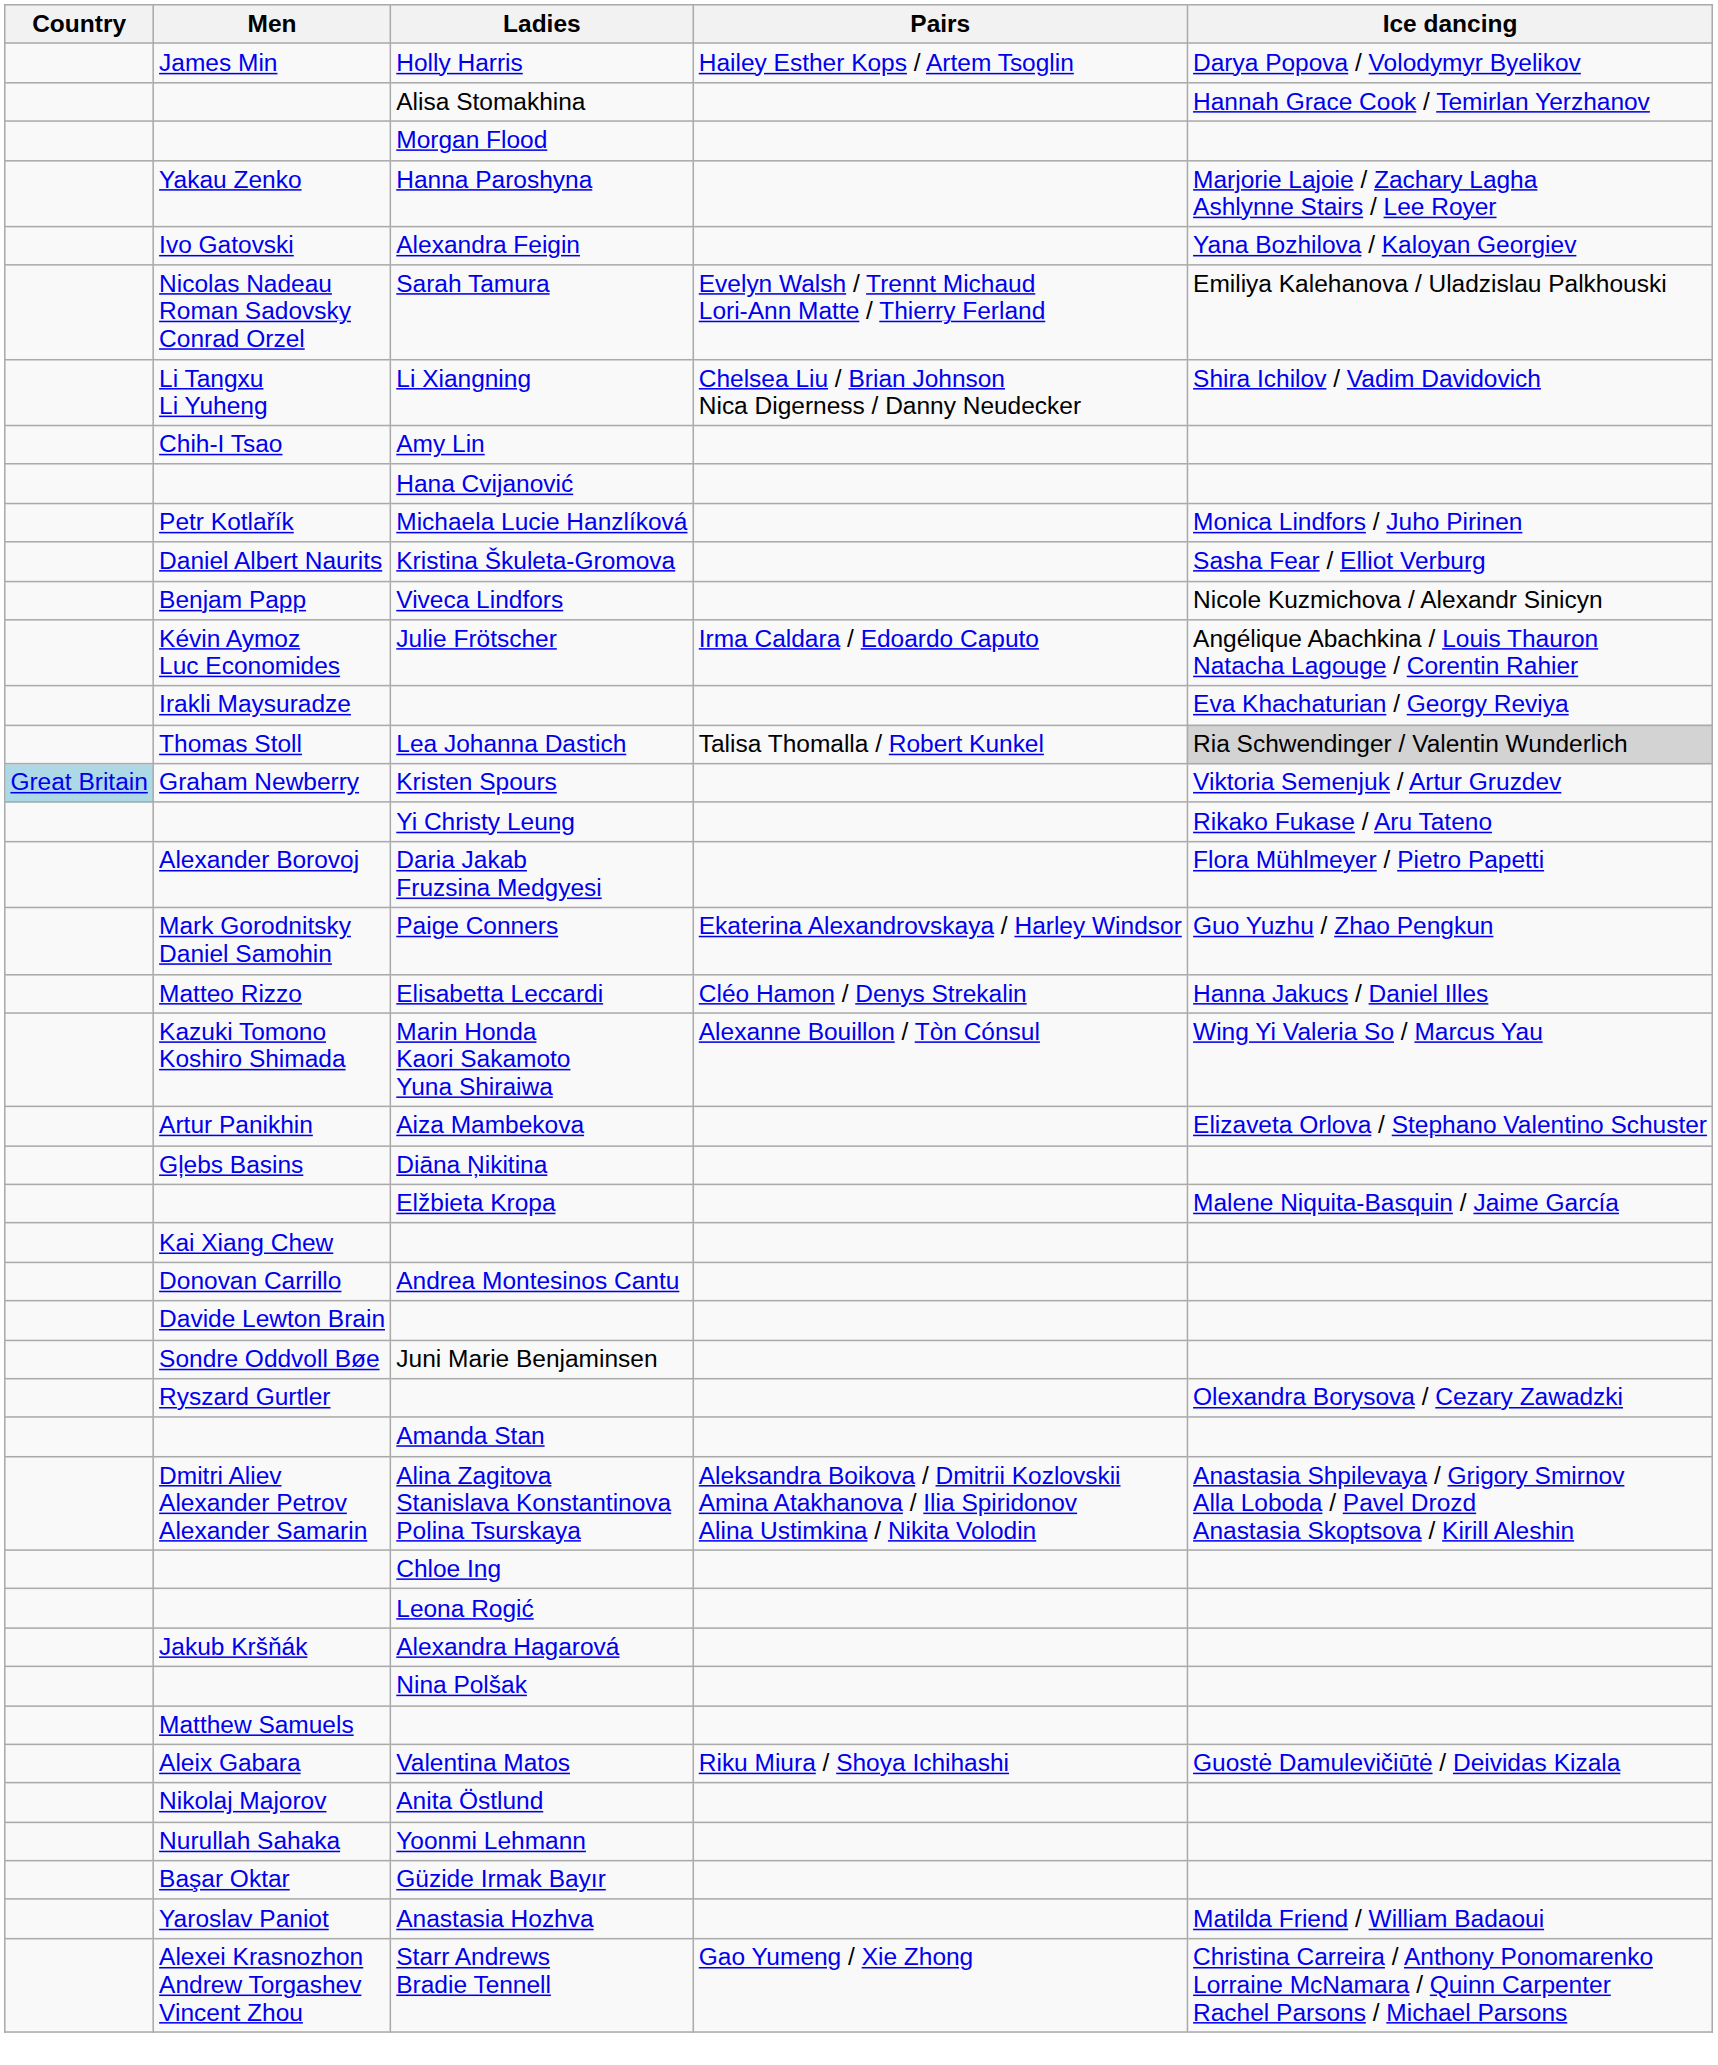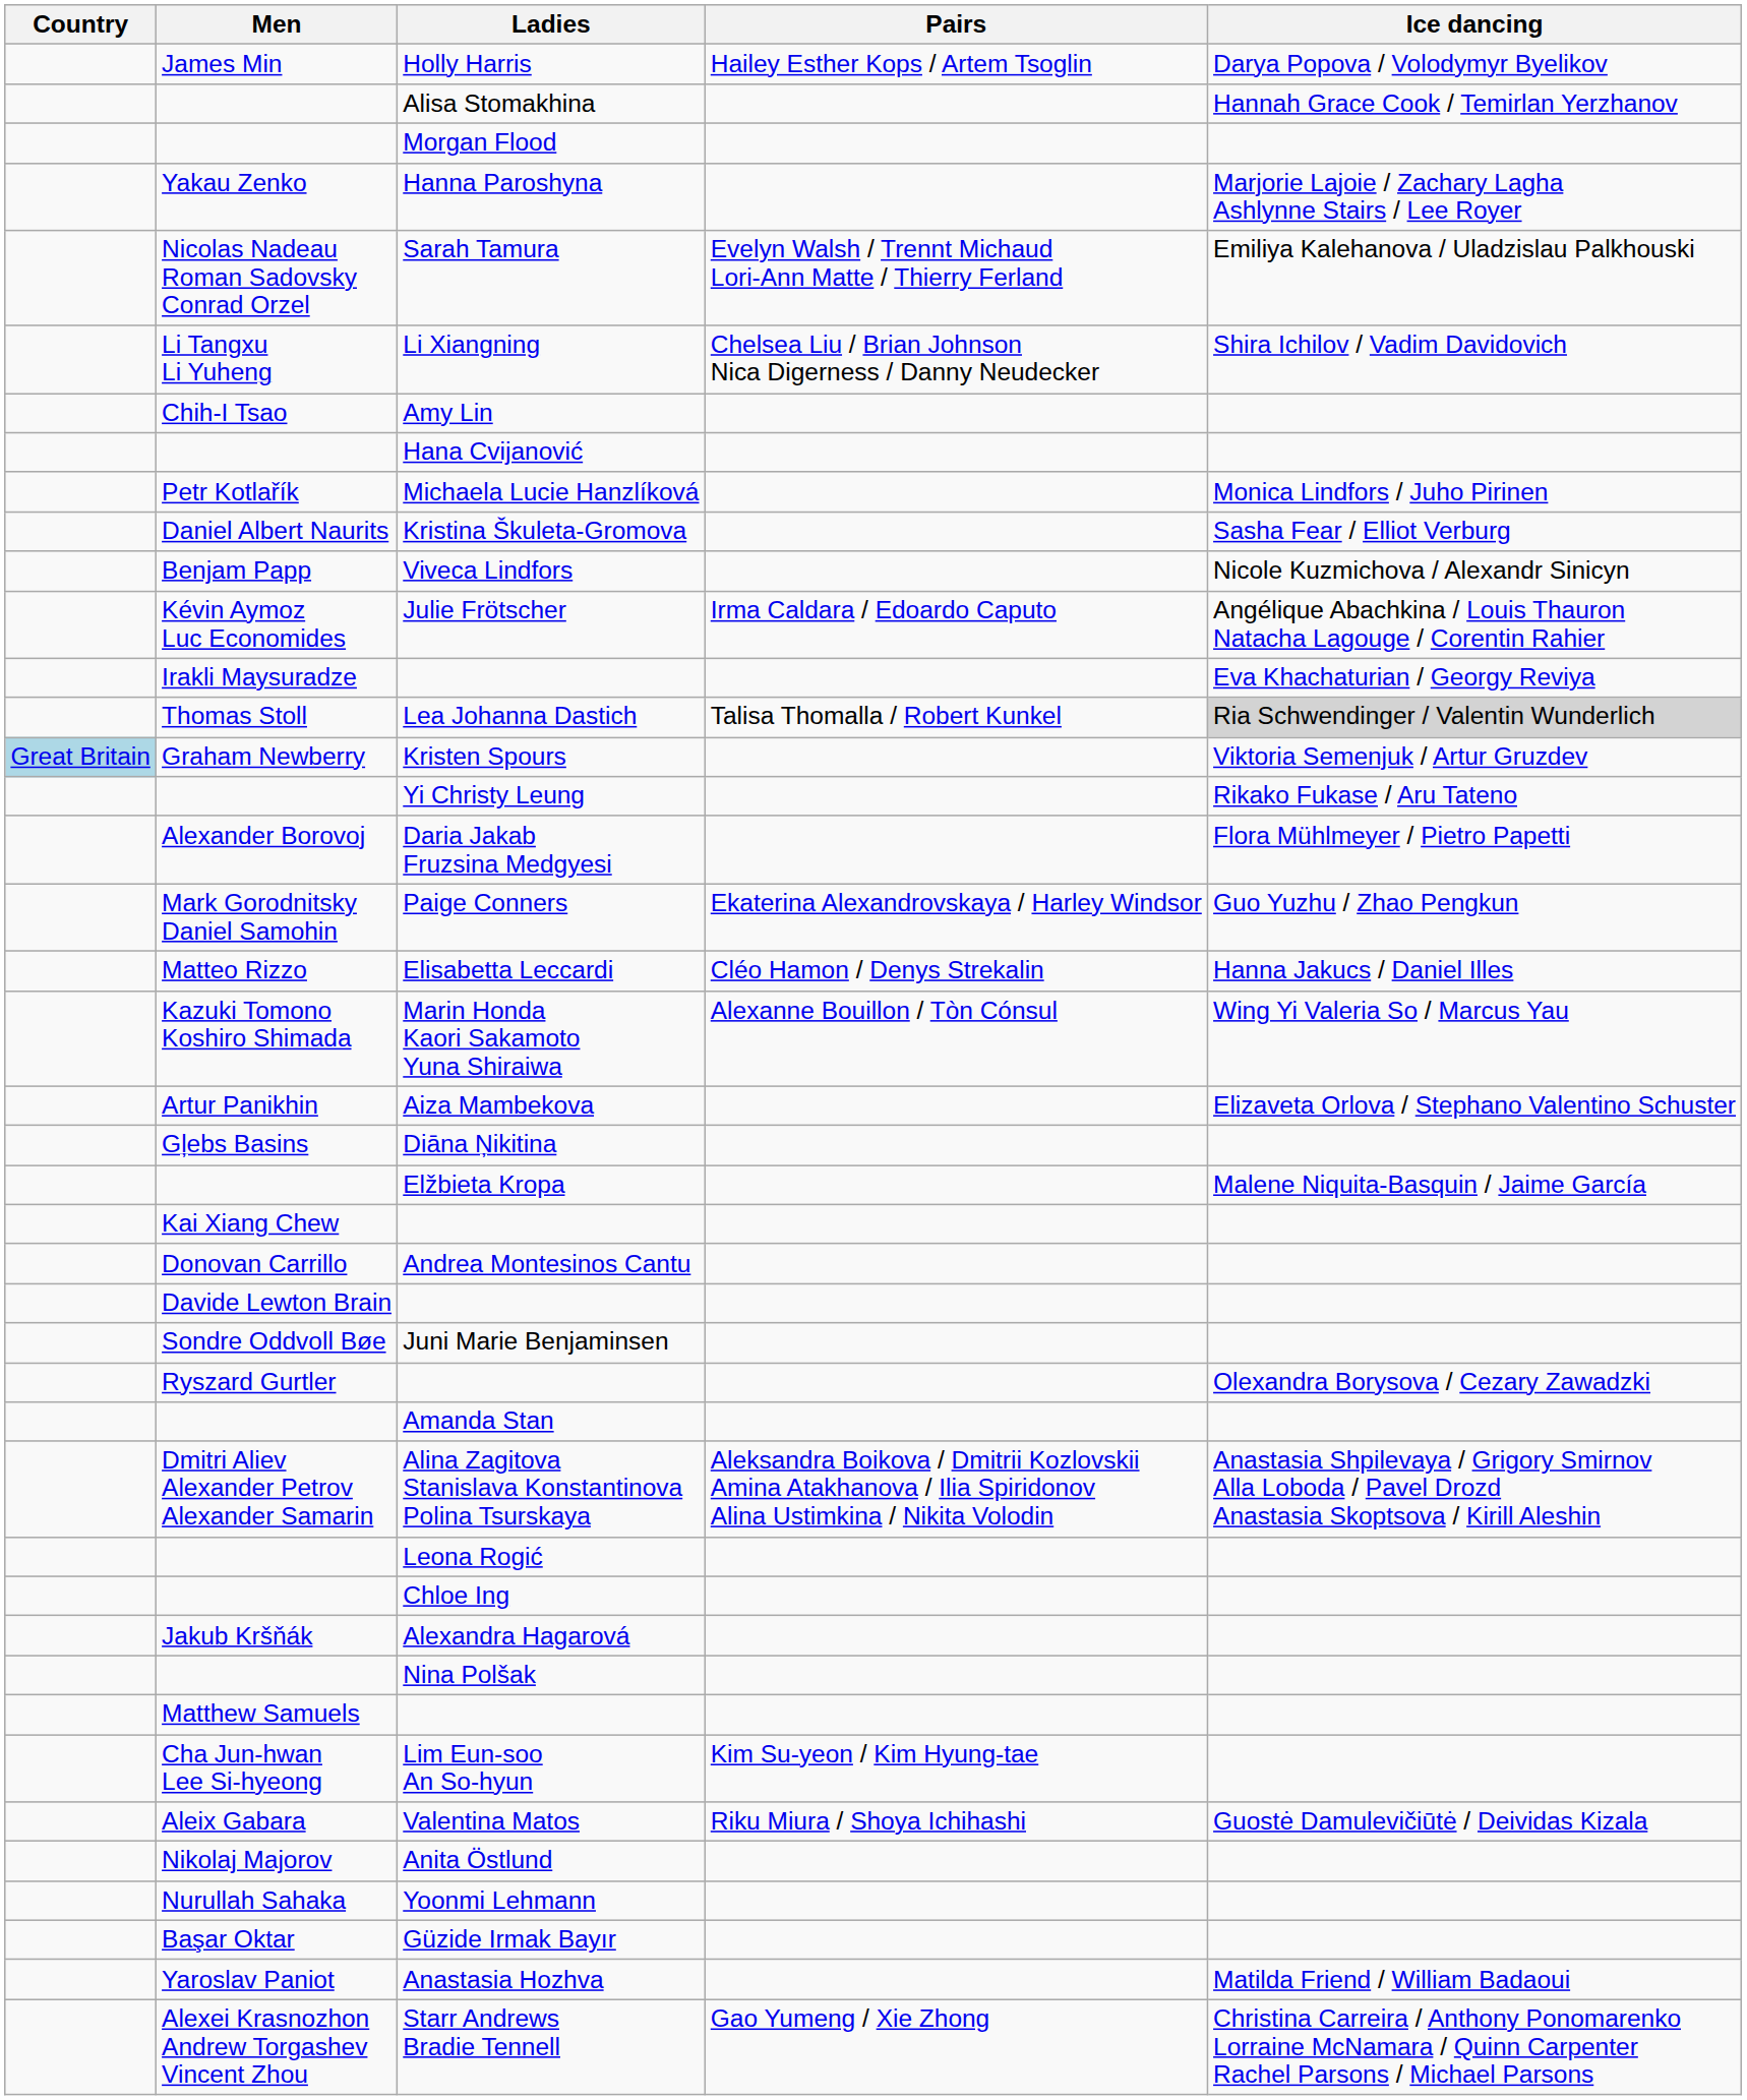 <table class="wikitable">
 <tr>
 <th>Country</th>
 <th>Men</th>
 <th>Ladies</th>
 <th>Pairs</th>
 <th>Ice dancing</th>
 </tr>
 <tr valign="top">
 <td></td>
 <td><a href='#'>James Min</a></td>
 <td><a href='#'>Holly Harris</a></td>
 <td><a href='#'>Hailey Esther Kops</a> / <a href='#'>Artem Tsoglin</a></td>
 <td><a href='#'>Darya Popova</a> / <a href='#'>Volodymyr Byelikov</a></td>
 </tr>
 <tr valign="top">
 <td></td>
 <td></td>
 <td>Alisa Stomakhina</td>
 <td></td>
 <td><a href='#'>Hannah Grace Cook</a> / <a href='#'>Temirlan Yerzhanov</a></td>
 </tr>
 <tr valign="top">
 <td></td>
 <td></td>
 <td><a href='#'>Morgan Flood</a></td>
 <td></td>
 <td></td>
 </tr>
 <tr valign="top">
 <td></td>
 <td><a href='#'>Yakau Zenko</a></td>
 <td><a href='#'>Hanna Paroshyna</a></td>
 <td></td>
 <td><a href='#'>Marjorie Lajoie</a> / <a href='#'>Zachary Lagha</a>  <br> <a href='#'>Ashlynne Stairs</a> / <a href='#'>Lee Royer</a></td>
-</tr>
-<tr valign="top">
-<td></td>
-<td><a href='#'>Ivo Gatovski</a></td>
-<td><a href='#'>Alexandra Feigin</a></td>
-<td></td>
-<td><a href='#'>Yana Bozhilova</a> / <a href='#'>Kaloyan Georgiev</a></td>
 </tr>
 <tr valign="top">
 <td></td>
 <td><a href='#'>Nicolas Nadeau</a> <br> <a href='#'>Roman Sadovsky</a>  <br> <a href='#'>Conrad Orzel</a></td>
 <td><a href='#'>Sarah Tamura</a></td>
 <td><a href='#'>Evelyn Walsh</a> / <a href='#'>Trennt Michaud</a>  <br> <a href='#'>Lori-Ann Matte</a> / <a href='#'>Thierry Ferland</a></td>
 <td>Emiliya Kalehanova / Uladzislau Palkhouski</td>
 </tr>
 <tr valign="top">
 <td></td>
 <td><a href='#'>Li Tangxu</a> <br> <a href='#'>Li Yuheng</a></td>
 <td><a href='#'>Li Xiangning</a></td>
 <td><a href='#'>Chelsea Liu</a> / <a href='#'>Brian Johnson</a> <br> Nica Digerness / Danny Neudecker</td>
 <td><a href='#'>Shira Ichilov</a> / <a href='#'>Vadim Davidovich</a></td>
 </tr>
 <tr valign="top">
 <td></td>
 <td><a href='#'>Chih-I Tsao</a></td>
 <td><a href='#'>Amy Lin</a></td>
 <td></td>
 <td></td>
 </tr>
 <tr valign="top">
 <td></td>
 <td></td>
 <td><a href='#'>Hana Cvijanović</a></td>
 <td></td>
 <td></td>
 </tr>
 <tr valign="top">
 <td></td>
 <td><a href='#'>Petr Kotlařík</a></td>
 <td><a href='#'>Michaela Lucie Hanzlíková</a></td>
 <td></td>
 <td><a href='#'>Monica Lindfors</a> / <a href='#'>Juho Pirinen</a></td>
 </tr>
 <tr valign="top">
 <td></td>
 <td><a href='#'>Daniel Albert Naurits</a></td>
 <td><a href='#'>Kristina Škuleta-Gromova</a></td>
 <td></td>
 <td><a href='#'>Sasha Fear</a> / <a href='#'>Elliot Verburg</a></td>
 </tr>
 <tr valign="top">
 <td></td>
 <td><a href='#'>Benjam Papp</a></td>
 <td><a href='#'>Viveca Lindfors</a></td>
 <td></td>
 <td>Nicole Kuzmichova / Alexandr Sinicyn</td>
 </tr>
 <tr valign="top">
 <td></td>
 <td><a href='#'>Kévin Aymoz</a> <br> <a href='#'>Luc Economides</a></td>
 <td><a href='#'>Julie Frötscher</a></td>
 <td><a href='#'>Irma Caldara</a> / <a href='#'>Edoardo Caputo</a></td>
 <td>Angélique Abachkina / <a href='#'>Louis Thauron</a> <br> <a href='#'>Natacha Lagouge</a> / <a href='#'>Corentin Rahier</a></td>
 </tr>
 <tr valign="top">
 <td></td>
 <td><a href='#'>Irakli Maysuradze</a></td>
 <td></td>
 <td></td>
 <td><a href='#'>Eva Khachaturian</a> / <a href='#'>Georgy Reviya</a></td>
 </tr>
 <tr valign="top">
 <td></td>
 <td><a href='#'>Thomas Stoll</a></td>
 <td><a href='#'>Lea Johanna Dastich</a></td>
 <td>Talisa Thomalla / <a href='#'>Robert Kunkel</a></td>
 <td style="background: lightgrey;">Ria Schwendinger / Valentin Wunderlich</td>
 </tr>
 <tr valign="top">
 <td style="background: lightblue;"> <a href='#'>Great Britain</a></td>
 <td><a href='#'>Graham Newberry</a></td>
 <td><a href='#'>Kristen Spours</a></td>
 <td></td>
 <td><a href='#'>Viktoria Semenjuk</a> / <a href='#'>Artur Gruzdev</a></td>
 </tr>
 <tr valign="top">
 <td></td>
 <td></td>
 <td><a href='#'>Yi Christy Leung</a></td>
 <td></td>
 <td><a href='#'>Rikako Fukase</a> / <a href='#'>Aru Tateno</a></td>
 </tr>
 <tr valign="top">
 <td></td>
 <td><a href='#'>Alexander Borovoj</a></td>
 <td><a href='#'>Daria Jakab</a> <br> <a href='#'>Fruzsina Medgyesi</a></td>
 <td></td>
 <td><a href='#'>Flora Mühlmeyer</a> / <a href='#'>Pietro Papetti</a></td>
 </tr>
 <tr valign="top">
 <td></td>
 <td><a href='#'>Mark Gorodnitsky</a> <br><a href='#'>Daniel Samohin</a></td>
 <td><a href='#'>Paige Conners</a></td>
 <td><a href='#'>Ekaterina Alexandrovskaya</a> / <a href='#'>Harley Windsor</a></td>
 <td><a href='#'>Guo Yuzhu</a> / <a href='#'>Zhao Pengkun</a></td>
 </tr>
 <tr valign="top">
 <td></td>
 <td><a href='#'>Matteo Rizzo</a></td>
 <td><a href='#'>Elisabetta Leccardi</a></td>
 <td><a href='#'>Cléo Hamon</a> / <a href='#'>Denys Strekalin</a></td>
 <td><a href='#'>Hanna Jakucs</a> / <a href='#'>Daniel Illes</a></td>
 </tr>
 <tr valign="top">
 <td></td>
 <td><a href='#'>Kazuki Tomono</a> <br> <a href='#'>Koshiro Shimada</a></td>
 <td><a href='#'>Marin Honda</a> <br> <a href='#'>Kaori Sakamoto</a> <br> <a href='#'>Yuna Shiraiwa</a></td>
 <td><a href='#'>Alexanne Bouillon</a> / <a href='#'>Tòn Cónsul</a></td>
 <td><a href='#'>Wing Yi Valeria So</a> / <a href='#'>Marcus Yau</a></td>
 </tr>
 <tr valign="top">
 <td></td>
 <td><a href='#'>Artur Panikhin</a></td>
 <td><a href='#'>Aiza Mambekova</a></td>
 <td></td>
 <td><a href='#'>Elizaveta Orlova</a> / <a href='#'>Stephano Valentino Schuster</a></td>
 </tr>
 <tr valign="top">
 <td></td>
 <td><a href='#'>Gļebs Basins</a></td>
 <td><a href='#'>Diāna Ņikitina</a></td>
 <td></td>
 <td></td>
 </tr>
 <tr valign="top">
 <td></td>
 <td></td>
 <td><a href='#'>Elžbieta Kropa</a></td>
 <td></td>
 <td><a href='#'>Malene Niquita-Basquin</a> / <a href='#'>Jaime García</a></td>
 </tr>
 <tr valign="top">
 <td></td>
 <td><a href='#'>Kai Xiang Chew</a></td>
 <td></td>
 <td></td>
 <td></td>
 </tr>
 <tr valign="top">
 <td></td>
 <td><a href='#'>Donovan Carrillo</a></td>
 <td><a href='#'>Andrea Montesinos Cantu</a></td>
 <td></td>
 <td></td>
 </tr>
 <tr valign="top">
 <td></td>
 <td><a href='#'>Davide Lewton Brain</a></td>
 <td></td>
 <td></td>
 <td></td>
 </tr>
 <tr valign="top">
 <td></td>
 <td><a href='#'>Sondre Oddvoll Bøe</a></td>
 <td>Juni Marie Benjaminsen</td>
 <td></td>
 <td></td>
 </tr>
 <tr valign="top">
 <td></td>
 <td><a href='#'>Ryszard Gurtler</a></td>
 <td></td>
 <td></td>
 <td><a href='#'>Olexandra Borysova</a> / <a href='#'>Cezary Zawadzki</a></td>
 </tr>
 <tr valign="top">
 <td></td>
 <td></td>
 <td><a href='#'>Amanda Stan</a></td>
 <td></td>
 <td></td>
 </tr>
 <tr valign="top">
 <td></td>
 <td><a href='#'>Dmitri Aliev</a> <br> <a href='#'>Alexander Petrov</a> <br> <a href='#'>Alexander Samarin</a></td>
 <td><a href='#'>Alina Zagitova</a> <br> <a href='#'>Stanislava Konstantinova</a> <br> <a href='#'>Polina Tsurskaya</a></td>
 <td><a href='#'>Aleksandra Boikova</a> / <a href='#'>Dmitrii Kozlovskii</a> <br> <a href='#'>Amina Atakhanova</a> / <a href='#'>Ilia Spiridonov</a> <br> <a href='#'>Alina Ustimkina</a> / <a href='#'>Nikita Volodin</a></td>
 <td><a href='#'>Anastasia Shpilevaya</a> / <a href='#'>Grigory Smirnov</a> <br> <a href='#'>Alla Loboda</a> / <a href='#'>Pavel Drozd</a> <br> <a href='#'>Anastasia Skoptsova</a> / <a href='#'>Kirill Aleshin</a></td>
 </tr>
 <tr valign="top">
 <td></td>
 <td></td>
-<td><a href='#'>Chloe Ing</a></td>
+<td><a href='#'>Leona Rogić</a></td>
 <td></td>
 <td></td>
 </tr>
 <tr valign="top">
 <td></td>
 <td></td>
-<td><a href='#'>Leona Rogić</a></td>
+<td><a href='#'>Chloe Ing</a></td>
 <td></td>
 <td></td>
 </tr>
 <tr valign="top">
 <td></td>
 <td><a href='#'>Jakub Kršňák</a></td>
 <td><a href='#'>Alexandra Hagarová</a></td>
 <td></td>
 <td></td>
 </tr>
 <tr valign="top">
 <td></td>
 <td></td>
 <td><a href='#'>Nina Polšak</a></td>
 <td></td>
 <td></td>
 </tr>
 <tr valign="top">
 <td></td>
 <td><a href='#'>Matthew Samuels</a></td>
 <td></td>
 <td></td>
+<td></td>
+</tr>
+<tr valign="top">
+<td></td>
+<td><a href='#'>Cha Jun-hwan</a> <br> <a href='#'>Lee Si-hyeong</a></td>
+<td><a href='#'>Lim Eun-soo</a> <br> <a href='#'>An So-hyun</a></td>
+<td><a href='#'>Kim Su-yeon</a> / <a href='#'>Kim Hyung-tae</a></td>
 <td></td>
 </tr>
 <tr valign="top">
 <td></td>
 <td><a href='#'>Aleix Gabara</a></td>
 <td><a href='#'>Valentina Matos</a></td>
 <td><a href='#'>Riku Miura</a> / <a href='#'>Shoya Ichihashi</a></td>
 <td><a href='#'>Guostė Damulevičiūtė</a> / <a href='#'>Deividas Kizala</a></td>
 </tr>
 <tr valign="top">
 <td></td>
 <td><a href='#'>Nikolaj Majorov</a></td>
 <td><a href='#'>Anita Östlund</a></td>
 <td></td>
 <td></td>
 </tr>
 <tr valign="top">
 <td></td>
 <td><a href='#'>Nurullah Sahaka</a></td>
 <td><a href='#'>Yoonmi Lehmann</a></td>
 <td></td>
 <td></td>
 </tr>
 <tr valign="top">
 <td></td>
 <td><a href='#'>Başar Oktar</a></td>
 <td><a href='#'>Güzide Irmak Bayır</a></td>
 <td></td>
 <td></td>
 </tr>
 <tr valign="top">
 <td></td>
 <td><a href='#'>Yaroslav Paniot</a></td>
 <td><a href='#'>Anastasia Hozhva</a></td>
 <td></td>
 <td><a href='#'>Matilda Friend</a> / <a href='#'>William Badaoui</a></td>
 </tr>
 <tr valign="top">
 <td></td>
 <td><a href='#'>Alexei Krasnozhon</a> <br> <a href='#'>Andrew Torgashev</a> <br> <a href='#'>Vincent Zhou</a></td>
 <td><a href='#'>Starr Andrews</a> <br> <a href='#'>Bradie Tennell</a></td>
 <td><a href='#'>Gao Yumeng</a> / <a href='#'>Xie Zhong</a></td>
 <td><a href='#'>Christina Carreira</a> / <a href='#'>Anthony Ponomarenko</a> <br> <a href='#'>Lorraine McNamara</a> / <a href='#'>Quinn Carpenter</a> <br> <a href='#'>Rachel Parsons</a> / <a href='#'>Michael Parsons</a></td>
 </tr>
 </table>
